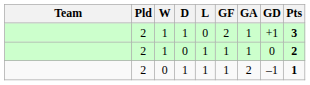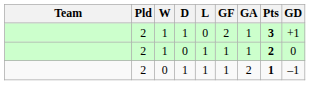 <table class="wikitable" style="text-align:center;">
 <tr>
 <th width=165>Team</th>
 <th width=20>Pld</th>
 <th width=20>W</th>
 <th width=20>D</th>
 <th width=20>L</th>
 <th width=20>GF</th>
 <th width=20>GA</th>
+<th width=20>Pts</th>
 <th Width=20>GD</th>
-<th width=20>Pts</th>
 </tr>
 <tr align=center style="background:#ccffcc;">
 <td style="text-align:left;"></td>
 <td>2</td>
 <td>1</td>
 <td>1</td>
 <td>0</td>
 <td>2</td>
 <td>1</td>
+<td><strong>3</strong></td>
 <td>+1</td>
-<td><strong>3</strong></td>
 </tr>
 <tr align=center style="background:#ccffcc;">
 <td style="text-align:left;"></td>
 <td>2</td>
 <td>1</td>
 <td>0</td>
 <td>1</td>
 <td>1</td>
 <td>1</td>
+<td><strong>2</strong></td>
 <td>0</td>
-<td><strong>2</strong></td>
 </tr>
 <tr align=center>
 <td style="text-align:left;"></td>
 <td>2</td>
 <td>0</td>
 <td>1</td>
 <td>1</td>
 <td>1</td>
 <td>2</td>
+<td><strong>1</strong></td>
 <td>–1</td>
-<td><strong>1</strong></td>
 </tr>
 </table>
